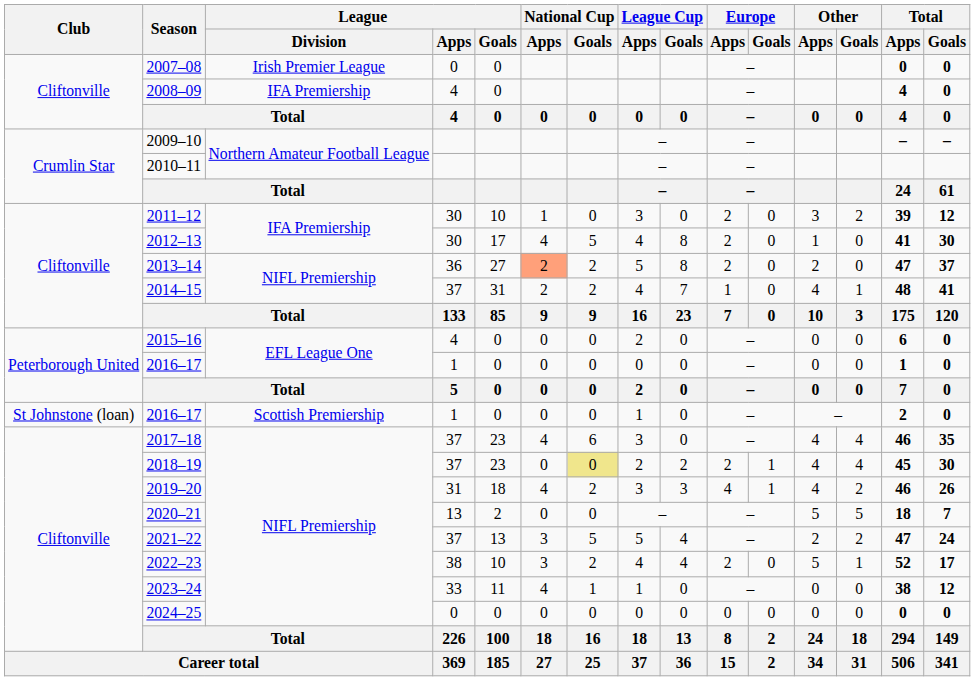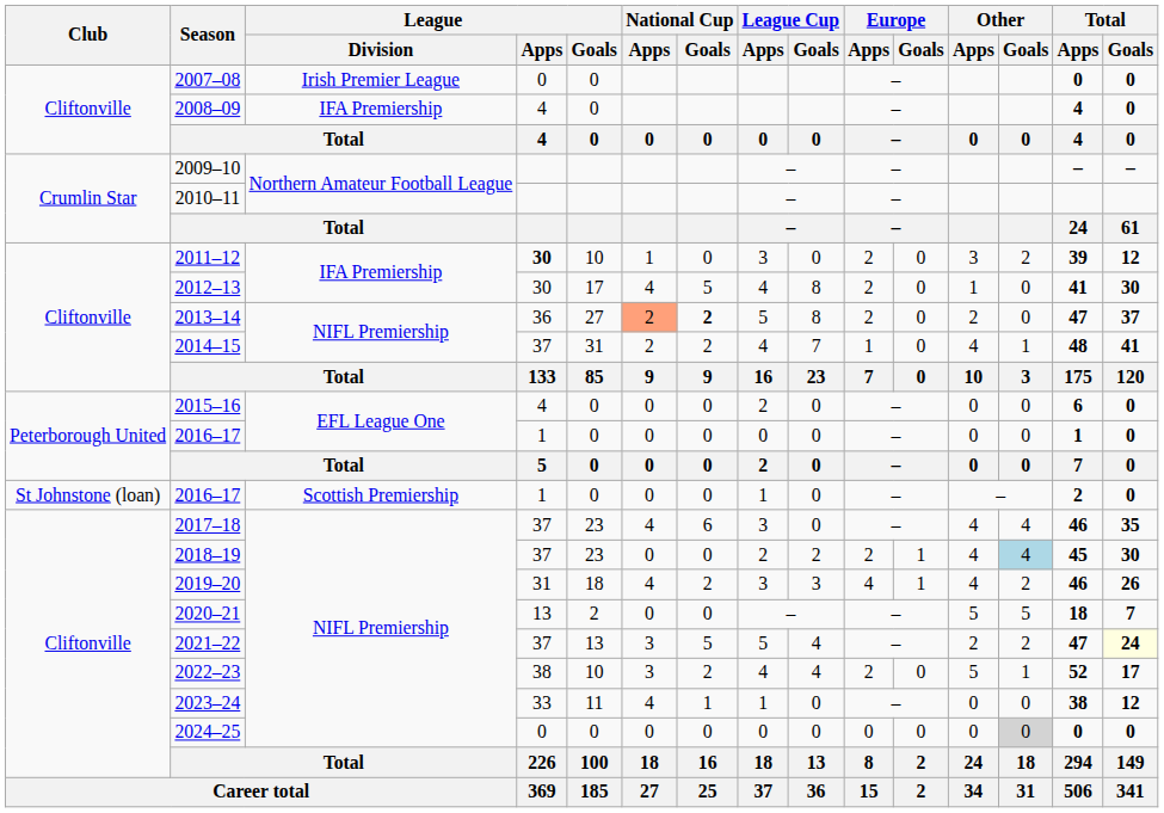 <table class="wikitable" style="text-align:center">
 <tr>
 <th rowspan="2">Club</th>
 <th rowspan="2">Season</th>
 <th colspan="3">League</th>
 <th colspan="2">National Cup</th>
 <th colspan="2"><a href='#'>League Cup</a></th>
 <th colspan="2"><a href='#'>Europe</a></th>
 <th colspan="2">Other</th>
 <th colspan="2">Total</th>
 </tr>
 <tr>
 <th>Division</th>
 <th>Apps</th>
 <th>Goals</th>
 <th>Apps</th>
 <th>Goals</th>
 <th>Apps</th>
 <th>Goals</th>
 <th>Apps</th>
 <th>Goals</th>
 <th>Apps</th>
 <th>Goals</th>
 <th>Apps</th>
 <th>Goals</th>
 </tr>
 <tr>
 <td rowspan="3"><a href='#'>Cliftonville</a></td>
 <td><a href='#'>2007–08</a></td>
 <td><a href='#'>Irish Premier League</a></td>
 <td>0</td>
 <td>0</td>
 <td></td>
 <td></td>
 <td></td>
 <td></td>
 <td colspan="2">–</td>
 <td></td>
 <td></td>
 <td><strong>0</strong></td>
 <td><strong>0</strong></td>
 </tr>
 <tr>
 <td><a href='#'>2008–09</a></td>
 <td><a href='#'>IFA Premiership</a></td>
 <td>4</td>
 <td>0</td>
 <td></td>
 <td></td>
 <td></td>
 <td></td>
 <td colspan="2">–</td>
 <td></td>
 <td></td>
 <td><strong>4</strong></td>
 <td><strong>0</strong></td>
 </tr>
 <tr>
 <th colspan="2">Total</th>
 <th>4</th>
 <th>0</th>
 <th>0</th>
 <th>0</th>
 <th>0</th>
 <th>0</th>
 <th colspan="2">–</th>
 <th>0</th>
 <th>0</th>
 <th>4</th>
 <th>0</th>
 </tr>
 <tr>
 <td rowspan="3"><a href='#'>Crumlin Star</a></td>
 <td>2009–10</td>
 <td rowspan="2"><a href='#'>Northern Amateur Football League</a></td>
 <td></td>
 <td></td>
 <td></td>
 <td></td>
 <td colspan="2">–</td>
 <td colspan="2">–</td>
 <td></td>
 <td></td>
 <td><strong>–</strong></td>
 <td><strong>–</strong></td>
 </tr>
 <tr>
 <td>2010–11</td>
 <td></td>
 <td></td>
 <td></td>
 <td></td>
 <td colspan="2">–</td>
 <td colspan="2">–</td>
 <td></td>
 <td></td>
 <td></td>
 <td></td>
 </tr>
 <tr>
 <th colspan="2">Total</th>
 <th></th>
 <th></th>
 <th></th>
 <th></th>
 <th colspan="2">–</th>
 <th colspan="2">–</th>
 <th></th>
 <th></th>
 <th>24</th>
 <th>61</th>
 </tr>
 <tr>
 <td rowspan="5"><a href='#'>Cliftonville</a></td>
 <td><a href='#'>2011–12</a></td>
 <td rowspan="2"><a href='#'>IFA Premiership</a></td>
-<td>30</td>
+<td><strong>30</strong></td>
 <td>10</td>
 <td>1</td>
 <td>0</td>
 <td>3</td>
 <td>0</td>
 <td>2</td>
 <td>0</td>
 <td>3</td>
 <td>2</td>
 <td><strong>39</strong></td>
 <td><strong>12</strong></td>
 </tr>
 <tr>
 <td><a href='#'>2012–13</a></td>
 <td>30</td>
 <td>17</td>
 <td>4</td>
 <td>5</td>
 <td>4</td>
 <td>8</td>
 <td>2</td>
 <td>0</td>
 <td>1</td>
 <td>0</td>
 <td><strong>41</strong></td>
 <td><strong>30</strong></td>
 </tr>
 <tr>
 <td><a href='#'>2013–14</a></td>
 <td rowspan="2"><a href='#'>NIFL Premiership</a></td>
 <td>36</td>
 <td>27</td>
 <td style="background: lightsalmon;">2</td>
-<td>2</td>
+<td><strong>2</strong></td>
 <td>5</td>
 <td>8</td>
 <td>2</td>
 <td>0</td>
 <td>2</td>
 <td>0</td>
 <td><strong>47</strong></td>
 <td><strong>37</strong></td>
 </tr>
 <tr>
 <td><a href='#'>2014–15</a></td>
 <td>37</td>
 <td>31</td>
 <td>2</td>
 <td>2</td>
 <td>4</td>
 <td>7</td>
 <td>1</td>
 <td>0</td>
 <td>4</td>
 <td>1</td>
 <td><strong>48</strong></td>
 <td><strong>41</strong></td>
 </tr>
 <tr>
 <th colspan="2">Total</th>
 <th>133</th>
 <th>85</th>
 <th>9</th>
 <th>9</th>
 <th>16</th>
 <th>23</th>
 <th>7</th>
 <th>0</th>
 <th>10</th>
 <th>3</th>
 <th>175</th>
 <th>120</th>
 </tr>
 <tr>
 <td rowspan="3"><a href='#'>Peterborough United</a></td>
 <td><a href='#'>2015–16</a></td>
 <td rowspan="2"><a href='#'>EFL League One</a></td>
 <td>4</td>
 <td>0</td>
 <td>0</td>
 <td>0</td>
 <td>2</td>
 <td>0</td>
 <td colspan="2">–</td>
 <td>0</td>
 <td>0</td>
 <td><strong>6</strong></td>
 <td><strong>0</strong></td>
 </tr>
 <tr>
 <td><a href='#'>2016–17</a></td>
 <td>1</td>
 <td>0</td>
 <td>0</td>
 <td>0</td>
 <td>0</td>
 <td>0</td>
 <td colspan="2">–</td>
 <td>0</td>
 <td>0</td>
 <td><strong>1</strong></td>
 <td><strong>0</strong></td>
 </tr>
 <tr>
 <th colspan="2">Total</th>
 <th>5</th>
 <th>0</th>
 <th>0</th>
 <th>0</th>
 <th>2</th>
 <th>0</th>
 <th colspan="2">–</th>
 <th>0</th>
 <th>0</th>
 <th>7</th>
 <th>0</th>
 </tr>
 <tr>
 <td><a href='#'>St Johnstone</a> (loan)</td>
 <td><a href='#'>2016–17</a></td>
 <td><a href='#'>Scottish Premiership</a></td>
 <td>1</td>
 <td>0</td>
 <td>0</td>
 <td>0</td>
 <td>1</td>
 <td>0</td>
 <td colspan="2">–</td>
 <td colspan="2">–</td>
 <td><strong>2</strong></td>
 <td><strong>0</strong></td>
 </tr>
 <tr>
 <td rowspan="9"><a href='#'>Cliftonville</a></td>
 <td><a href='#'>2017–18</a></td>
 <td rowspan="8"><a href='#'>NIFL Premiership</a></td>
 <td>37</td>
 <td>23</td>
 <td>4</td>
 <td>6</td>
 <td>3</td>
 <td>0</td>
 <td colspan="2">–</td>
 <td>4</td>
 <td>4</td>
 <td><strong>46</strong></td>
 <td><strong>35</strong></td>
 </tr>
 <tr>
 <td><a href='#'>2018–19</a></td>
 <td>37</td>
 <td>23</td>
 <td>0</td>
-<td style="background: khaki;">0</td>
+<td>0</td>
 <td>2</td>
 <td>2</td>
 <td>2</td>
 <td>1</td>
 <td>4</td>
-<td>4</td>
+<td style="background: lightblue;">4</td>
 <td><strong>45</strong></td>
 <td><strong>30</strong></td>
 </tr>
 <tr>
 <td><a href='#'>2019–20</a></td>
 <td>31</td>
 <td>18</td>
 <td>4</td>
 <td>2</td>
 <td>3</td>
 <td>3</td>
 <td>4</td>
 <td>1</td>
 <td>4</td>
 <td>2</td>
 <td><strong>46</strong></td>
 <td><strong>26</strong></td>
 </tr>
 <tr>
 <td><a href='#'>2020–21</a></td>
 <td>13</td>
 <td>2</td>
 <td>0</td>
 <td>0</td>
 <td colspan="2">–</td>
 <td colspan="2">–</td>
 <td>5</td>
 <td>5</td>
 <td><strong>18</strong></td>
 <td><strong>7</strong></td>
 </tr>
 <tr>
 <td><a href='#'>2021–22</a></td>
 <td>37</td>
 <td>13</td>
 <td>3</td>
 <td>5</td>
 <td>5</td>
 <td>4</td>
 <td colspan="2">–</td>
 <td>2</td>
 <td>2</td>
 <td><strong>47</strong></td>
-<td><strong>24</strong></td>
+<td style="background: lightyellow;"><strong>24</strong></td>
 </tr>
 <tr>
 <td><a href='#'>2022–23</a></td>
 <td>38</td>
 <td>10</td>
 <td>3</td>
 <td>2</td>
 <td>4</td>
 <td>4</td>
 <td>2</td>
 <td>0</td>
 <td>5</td>
 <td>1</td>
 <td><strong>52</strong></td>
 <td><strong>17</strong></td>
 </tr>
 <tr>
 <td><a href='#'>2023–24</a></td>
 <td>33</td>
 <td>11</td>
 <td>4</td>
 <td>1</td>
 <td>1</td>
 <td>0</td>
 <td colspan="2">–</td>
 <td>0</td>
 <td>0</td>
 <td><strong>38</strong></td>
 <td><strong>12</strong></td>
 </tr>
 <tr>
 <td><a href='#'>2024–25</a></td>
 <td>0</td>
 <td>0</td>
 <td>0</td>
 <td>0</td>
 <td>0</td>
 <td>0</td>
 <td>0</td>
 <td>0</td>
 <td>0</td>
-<td>0</td>
+<td style="background: lightgrey;">0</td>
 <td><strong>0</strong></td>
 <td><strong>0</strong></td>
 </tr>
 <tr>
 <th colspan="2">Total</th>
 <th>226</th>
 <th>100</th>
 <th>18</th>
 <th>16</th>
 <th>18</th>
 <th>13</th>
 <th>8</th>
 <th>2</th>
 <th>24</th>
 <th>18</th>
 <th>294</th>
 <th>149</th>
 </tr>
 <tr>
 <th colspan="3">Career total</th>
 <th>369</th>
 <th>185</th>
 <th>27</th>
 <th>25</th>
 <th>37</th>
 <th>36</th>
 <th>15</th>
 <th>2</th>
 <th>34</th>
 <th>31</th>
 <th>506</th>
 <th>341</th>
 </tr>
 </table>
